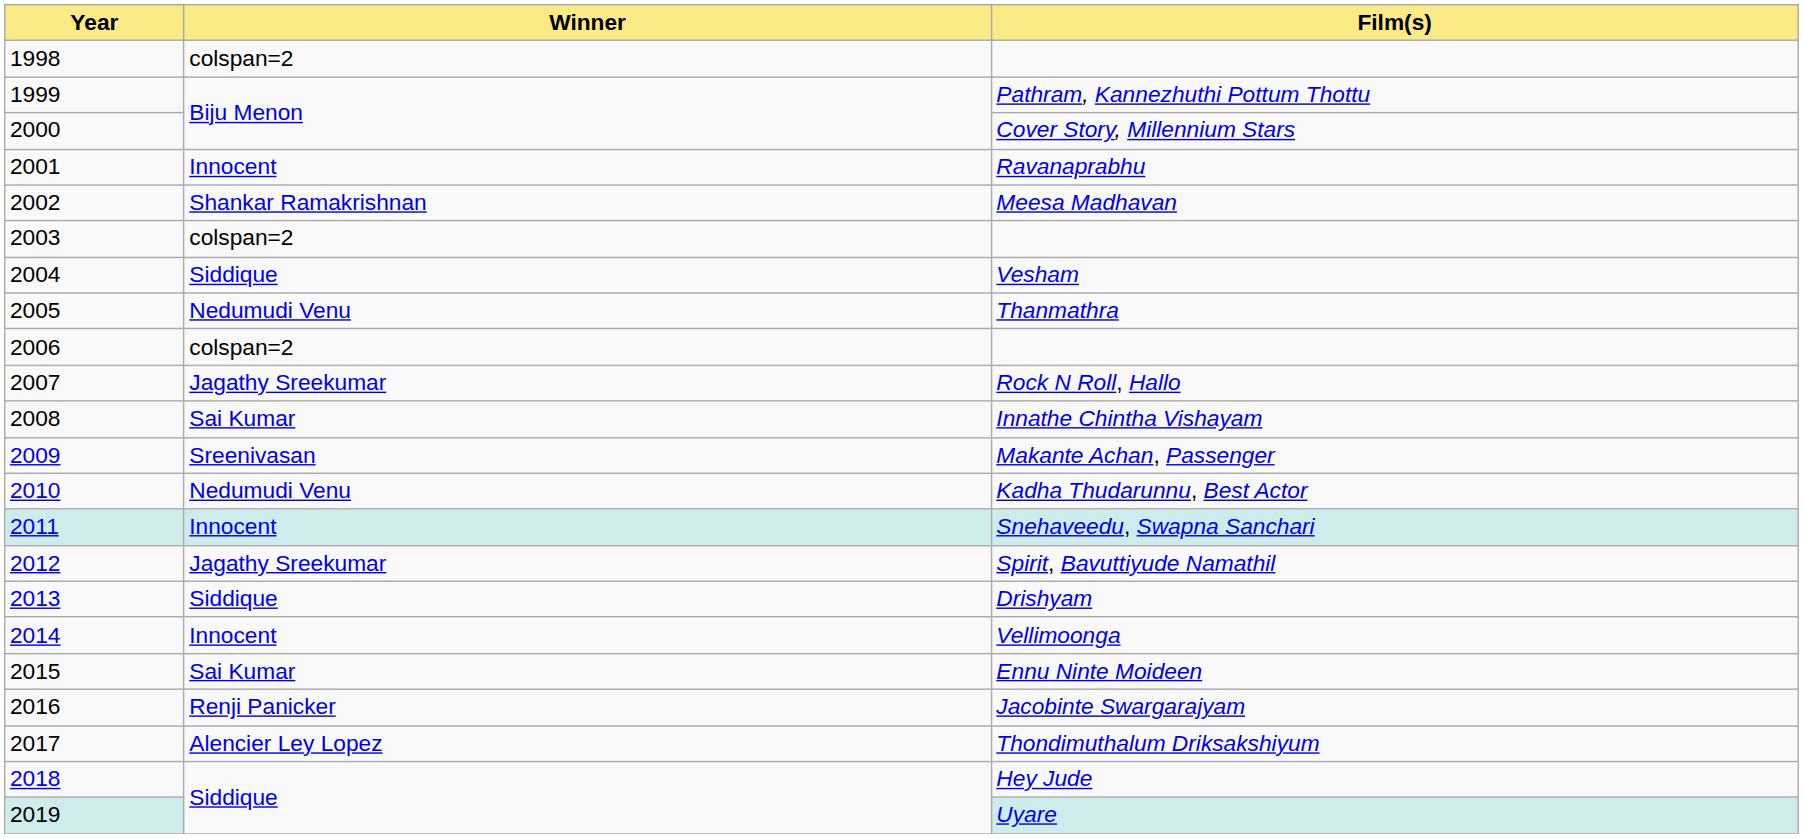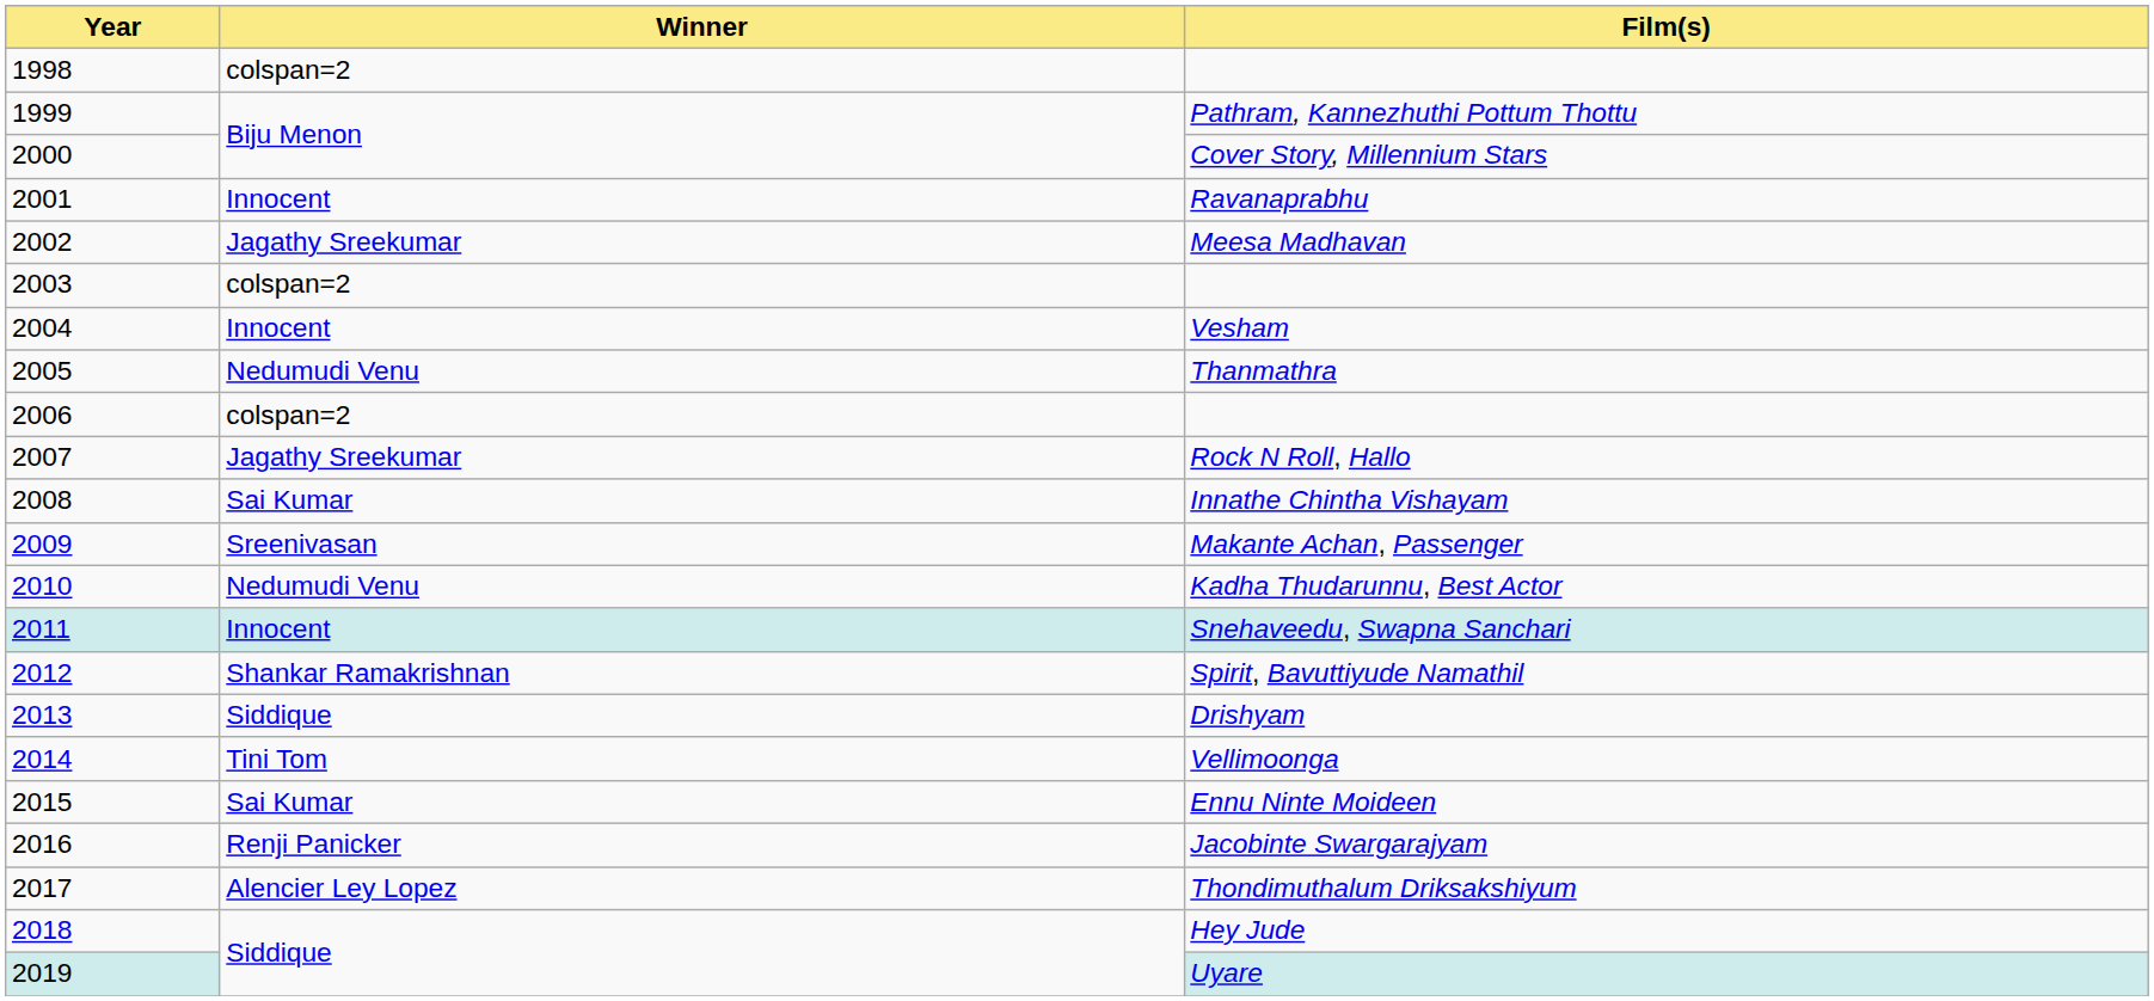 <table class="wikitable" style="width:100%">
 <tr bgcolor="#bebebe">
 <th width="10%" style="background:#FAEB86">Year</th>
 <th width="45%" style="background:#FAEB86">Winner</th>
 <th width="45%" style="background:#FAEB86">Film(s)</th>
 </tr>
 <tr>
 <td>1998</td>
 <td>colspan=2 </td>
 </tr>
 <tr>
 <td>1999</td>
 <td rowspan="2"><a href='#'>Biju Menon</a></td>
 <td><em><a href='#'>Pathram</a>, <a href='#'>Kannezhuthi Pottum Thottu</a></em></td>
 </tr>
 <tr>
 <td>2000</td>
 <td><em><a href='#'>Cover Story</a>, <a href='#'>Millennium Stars</a></em></td>
 </tr>
 <tr>
 <td>2001</td>
 <td><a href='#'>Innocent</a></td>
 <td><em><a href='#'>Ravanaprabhu</a></em></td>
 </tr>
 <tr>
 <td>2002</td>
-<td><a href='#'>Shankar Ramakrishnan</a></td>
+<td><a href='#'>Jagathy Sreekumar</a></td>
 <td><em><a href='#'>Meesa Madhavan</a></em></td>
 </tr>
 <tr>
 <td>2003</td>
 <td>colspan=2 </td>
 </tr>
 <tr>
 <td>2004</td>
-<td><a href='#'>Siddique</a></td>
+<td><a href='#'>Innocent</a></td>
 <td><em><a href='#'>Vesham</a></em></td>
 </tr>
 <tr>
 <td>2005</td>
 <td><a href='#'>Nedumudi Venu</a></td>
 <td><em><a href='#'>Thanmathra</a></em></td>
 </tr>
 <tr>
 <td>2006</td>
 <td>colspan=2 </td>
 </tr>
 <tr>
 <td>2007</td>
 <td><a href='#'>Jagathy Sreekumar</a></td>
 <td><em><a href='#'>Rock N Roll</a></em>, <em><a href='#'>Hallo</a></em></td>
 </tr>
 <tr>
 <td>2008</td>
 <td><a href='#'>Sai Kumar</a></td>
 <td><em><a href='#'>Innathe Chintha Vishayam</a></em></td>
 </tr>
 <tr>
 <td><a href='#'>2009</a></td>
 <td><a href='#'>Sreenivasan</a></td>
 <td><em><a href='#'>Makante Achan</a></em>, <em><a href='#'>Passenger</a></em></td>
 </tr>
 <tr>
 <td><a href='#'>2010</a></td>
 <td><a href='#'>Nedumudi Venu</a></td>
 <td><em><a href='#'>Kadha Thudarunnu</a></em>, <em><a href='#'>Best Actor</a></em></td>
 </tr>
 <tr bgcolor="#cfecec">
 <td><a href='#'>2011</a></td>
 <td><a href='#'>Innocent</a></td>
 <td><em><a href='#'>Snehaveedu</a></em>, <em><a href='#'>Swapna Sanchari</a></em></td>
 </tr>
 <tr>
 <td><a href='#'>2012</a></td>
-<td><a href='#'>Jagathy Sreekumar</a></td>
+<td><a href='#'>Shankar Ramakrishnan</a></td>
 <td><em><a href='#'>Spirit</a></em>, <em><a href='#'>Bavuttiyude Namathil</a></em></td>
 </tr>
 <tr>
 <td><a href='#'>2013</a></td>
 <td><a href='#'>Siddique</a></td>
 <td><em><a href='#'>Drishyam</a></em></td>
 </tr>
 <tr>
 <td><a href='#'>2014</a></td>
-<td><a href='#'>Innocent</a></td>
+<td><a href='#'>Tini Tom</a></td>
 <td><em><a href='#'>Vellimoonga</a></em></td>
 </tr>
 <tr>
 <td>2015</td>
 <td><a href='#'>Sai Kumar</a></td>
 <td><em><a href='#'>Ennu Ninte Moideen</a></em></td>
 </tr>
 <tr>
 <td>2016</td>
 <td><a href='#'>Renji Panicker</a></td>
 <td><em><a href='#'>Jacobinte Swargarajyam</a></em></td>
 </tr>
 <tr>
 <td>2017</td>
 <td><a href='#'>Alencier Ley Lopez</a></td>
 <td><em><a href='#'>Thondimuthalum Driksakshiyum</a></em></td>
 </tr>
 <tr>
 <td><a href='#'>2018</a></td>
 <td rowspan="2"><a href='#'>Siddique</a></td>
 <td><em><a href='#'>Hey Jude</a></em></td>
 </tr>
 <tr bgcolor="#cfecec">
 <td>2019</td>
 <td><em><a href='#'>Uyare</a></em></td>
 </tr>
 </table>
